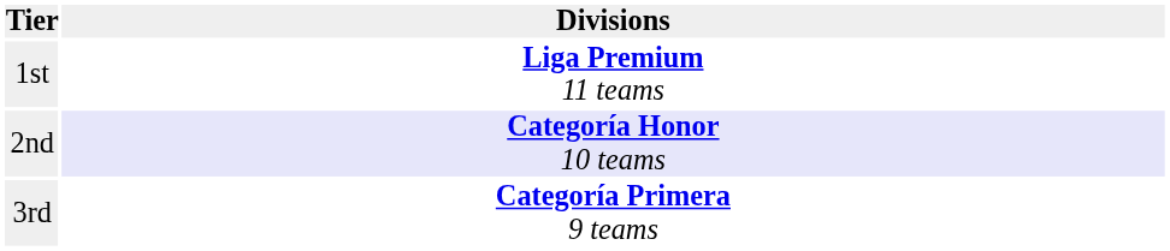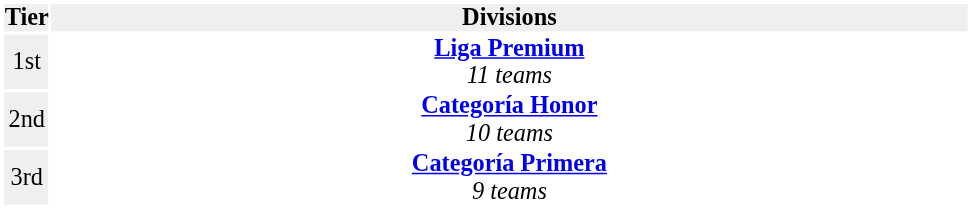 <table align="center" class="toc" cellpadding=0>
 <tr style="background:#efefef;">
 <th width="4.6%" align="center"><strong>Tier</strong></th>
 <th width="95.4%" align="center"><strong>Divisions</strong></th>
 </tr>
 <tr>
 <td width="4.6%%" align="center" style="background:#efefef;">1st</td>
 <td width="95.4%" align="center"><strong><a href='#'>Liga Premium</a></strong><br><em>11 teams</em></td>
 </tr>
 <tr>
 <td width="4.6%%" align="center" style="background:#efefef;">2nd</td>
-<td width="95.4%" align="center" style="background: lavender;"><strong><a href='#'>Categoría Honor</a></strong><br><em>10 teams</em></td>
+<td width="95.4%" align="center"><strong><a href='#'>Categoría Honor</a></strong><br><em>10 teams</em></td>
 </tr>
 <tr>
 <td width="4.6%%" align="center" style="background:#efefef;">3rd</td>
 <td width="95.4%" align="center"><strong><a href='#'>Categoría Primera</a></strong><br><em>9 teams</em></td>
 </tr>
 </table>
